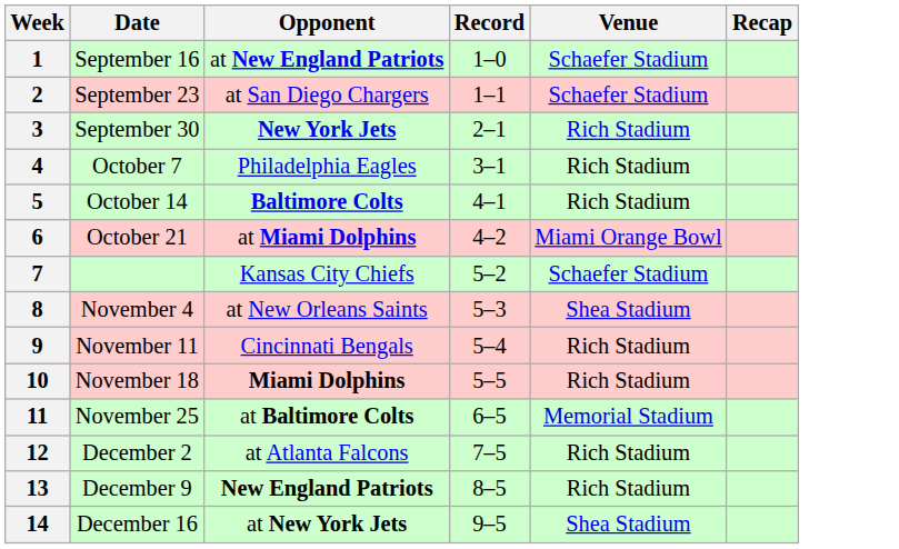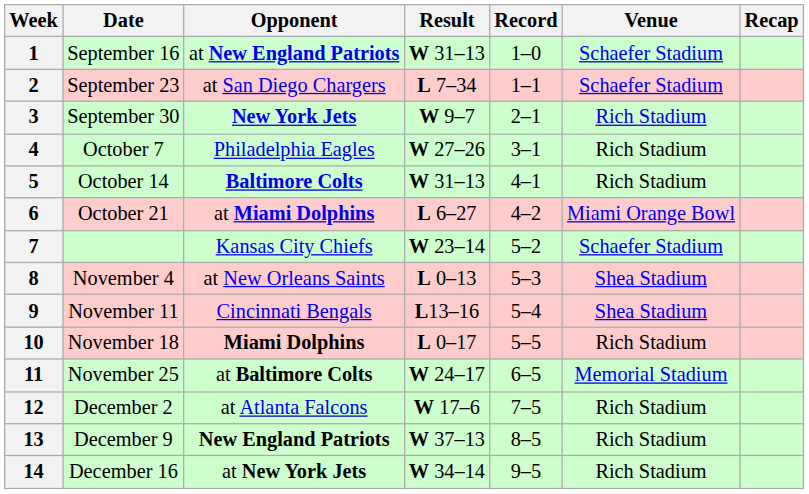 <table class="wikitable" style="text-align:center">
 <tr>
 <th>Week</th>
 <th>Date</th>
 <th>Opponent</th>
+<th>Result</th>
 <th>Record</th>
 <th>Venue</th>
 <th>Recap</th>
 </tr>
 <tr style="text-align:center; background:#cfc;">
 <th>1</th>
 <td>September 16</td>
 <td>at <strong><a href='#'>New England Patriots</a></strong></td>
+<td><strong>W</strong>  31–13</td>
 <td>1–0</td>
 <td><a href='#'>Schaefer Stadium</a></td>
 <td></td>
 </tr>
 <tr style="text-align:center; background:#fcc;">
 <th>2</th>
 <td>September 23</td>
 <td>at <a href='#'>San Diego Chargers</a></td>
+<td><strong>L</strong> 7–34</td>
 <td>1–1</td>
 <td><a href='#'>Schaefer Stadium</a></td>
 <td></td>
 </tr>
 <tr style="text-align:center; background:#cfc;">
 <th>3</th>
 <td>September 30</td>
 <td><strong><a href='#'>New York Jets</a></strong></td>
+<td><strong>W</strong> 9–7</td>
 <td>2–1</td>
 <td><a href='#'>Rich Stadium</a></td>
 <td></td>
 </tr>
 <tr style="text-align:center; background:#cfc;">
 <th>4</th>
 <td>October 7</td>
 <td><a href='#'>Philadelphia Eagles</a></td>
+<td><strong>W</strong> 27–26</td>
 <td>3–1</td>
 <td>Rich Stadium</td>
 <td></td>
 </tr>
 <tr style="text-align:center; background:#cfc;">
 <th>5</th>
 <td>October 14</td>
 <td><strong><a href='#'>Baltimore Colts</a></strong></td>
+<td><strong>W</strong> 31–13</td>
 <td>4–1</td>
 <td>Rich Stadium</td>
 <td></td>
 </tr>
 <tr style="text-align:center; background:#fcc;">
 <th>6</th>
 <td>October 21</td>
 <td>at <strong><a href='#'>Miami Dolphins</a></strong></td>
+<td><strong>L</strong> 6–27</td>
 <td>4–2</td>
 <td><a href='#'>Miami Orange Bowl</a></td>
 <td></td>
 </tr>
 <tr style="text-align:center; background:#cfc;">
 <th>7</th>
 <td></td>
 <td><a href='#'>Kansas City Chiefs</a></td>
+<td><strong>W</strong> 23–14</td>
 <td>5–2</td>
 <td><a href='#'>Schaefer Stadium</a></td>
 <td></td>
 </tr>
 <tr style="text-align:center; background:#fcc;">
 <th>8</th>
 <td>November 4</td>
 <td>at <a href='#'>New Orleans Saints</a></td>
+<td><strong>L</strong> 0–13</td>
 <td>5–3</td>
 <td><a href='#'>Shea Stadium</a></td>
 <td></td>
 </tr>
 <tr style="text-align:center; background:#fcc;">
 <th>9</th>
 <td>November 11</td>
 <td><a href='#'>Cincinnati Bengals</a></td>
+<td><strong>L</strong>13–16</td>
 <td>5–4</td>
-<td>Rich Stadium</td>
+<td><a href='#'>Shea Stadium</a></td>
 <td></td>
 </tr>
 <tr style="text-align:center; background:#fcc;">
 <th>10</th>
 <td>November 18</td>
 <td><strong>Miami Dolphins</strong></td>
+<td><strong>L</strong> 0–17</td>
 <td>5–5</td>
 <td>Rich Stadium</td>
 <td></td>
 </tr>
 <tr style="text-align:center; background:#cfc;">
 <th>11</th>
 <td>November 25</td>
 <td>at <strong>Baltimore Colts</strong></td>
+<td><strong>W</strong> 24–17</td>
 <td>6–5</td>
 <td><a href='#'>Memorial Stadium</a></td>
 <td></td>
 </tr>
 <tr style="text-align:center; background:#cfc;">
 <th>12</th>
 <td>December 2</td>
 <td>at <a href='#'>Atlanta Falcons</a></td>
+<td><strong>W</strong> 17–6</td>
 <td>7–5</td>
 <td>Rich Stadium</td>
 <td></td>
 </tr>
 <tr style="text-align:center; background:#cfc;">
 <th>13</th>
 <td>December 9</td>
 <td><strong>New England Patriots</strong></td>
+<td><strong>W</strong> 37–13</td>
 <td>8–5</td>
 <td>Rich Stadium</td>
 <td></td>
 </tr>
 <tr style="text-align:center; background:#cfc;">
 <th>14</th>
 <td>December 16</td>
 <td>at <strong>New York Jets</strong></td>
+<td><strong>W</strong> 34–14</td>
 <td>9–5</td>
-<td><a href='#'>Shea Stadium</a></td>
+<td>Rich Stadium</td>
 <td></td>
 </tr>
 </table>
